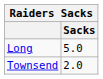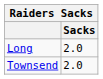 <table class="wikitable">
 <tr>
 <th colspan="2">Raiders Sacks</th>
 </tr>
 <tr>
 <th></th>
 <th>Sacks</th>
 </tr>
 <tr>
 <td><a href='#'>Long</a></td>
-<td>5.0</td>
+<td>2.0</td>
 </tr>
 <tr>
 <td><a href='#'>Townsend</a></td>
 <td>2.0</td>
 </tr>
 </table>
